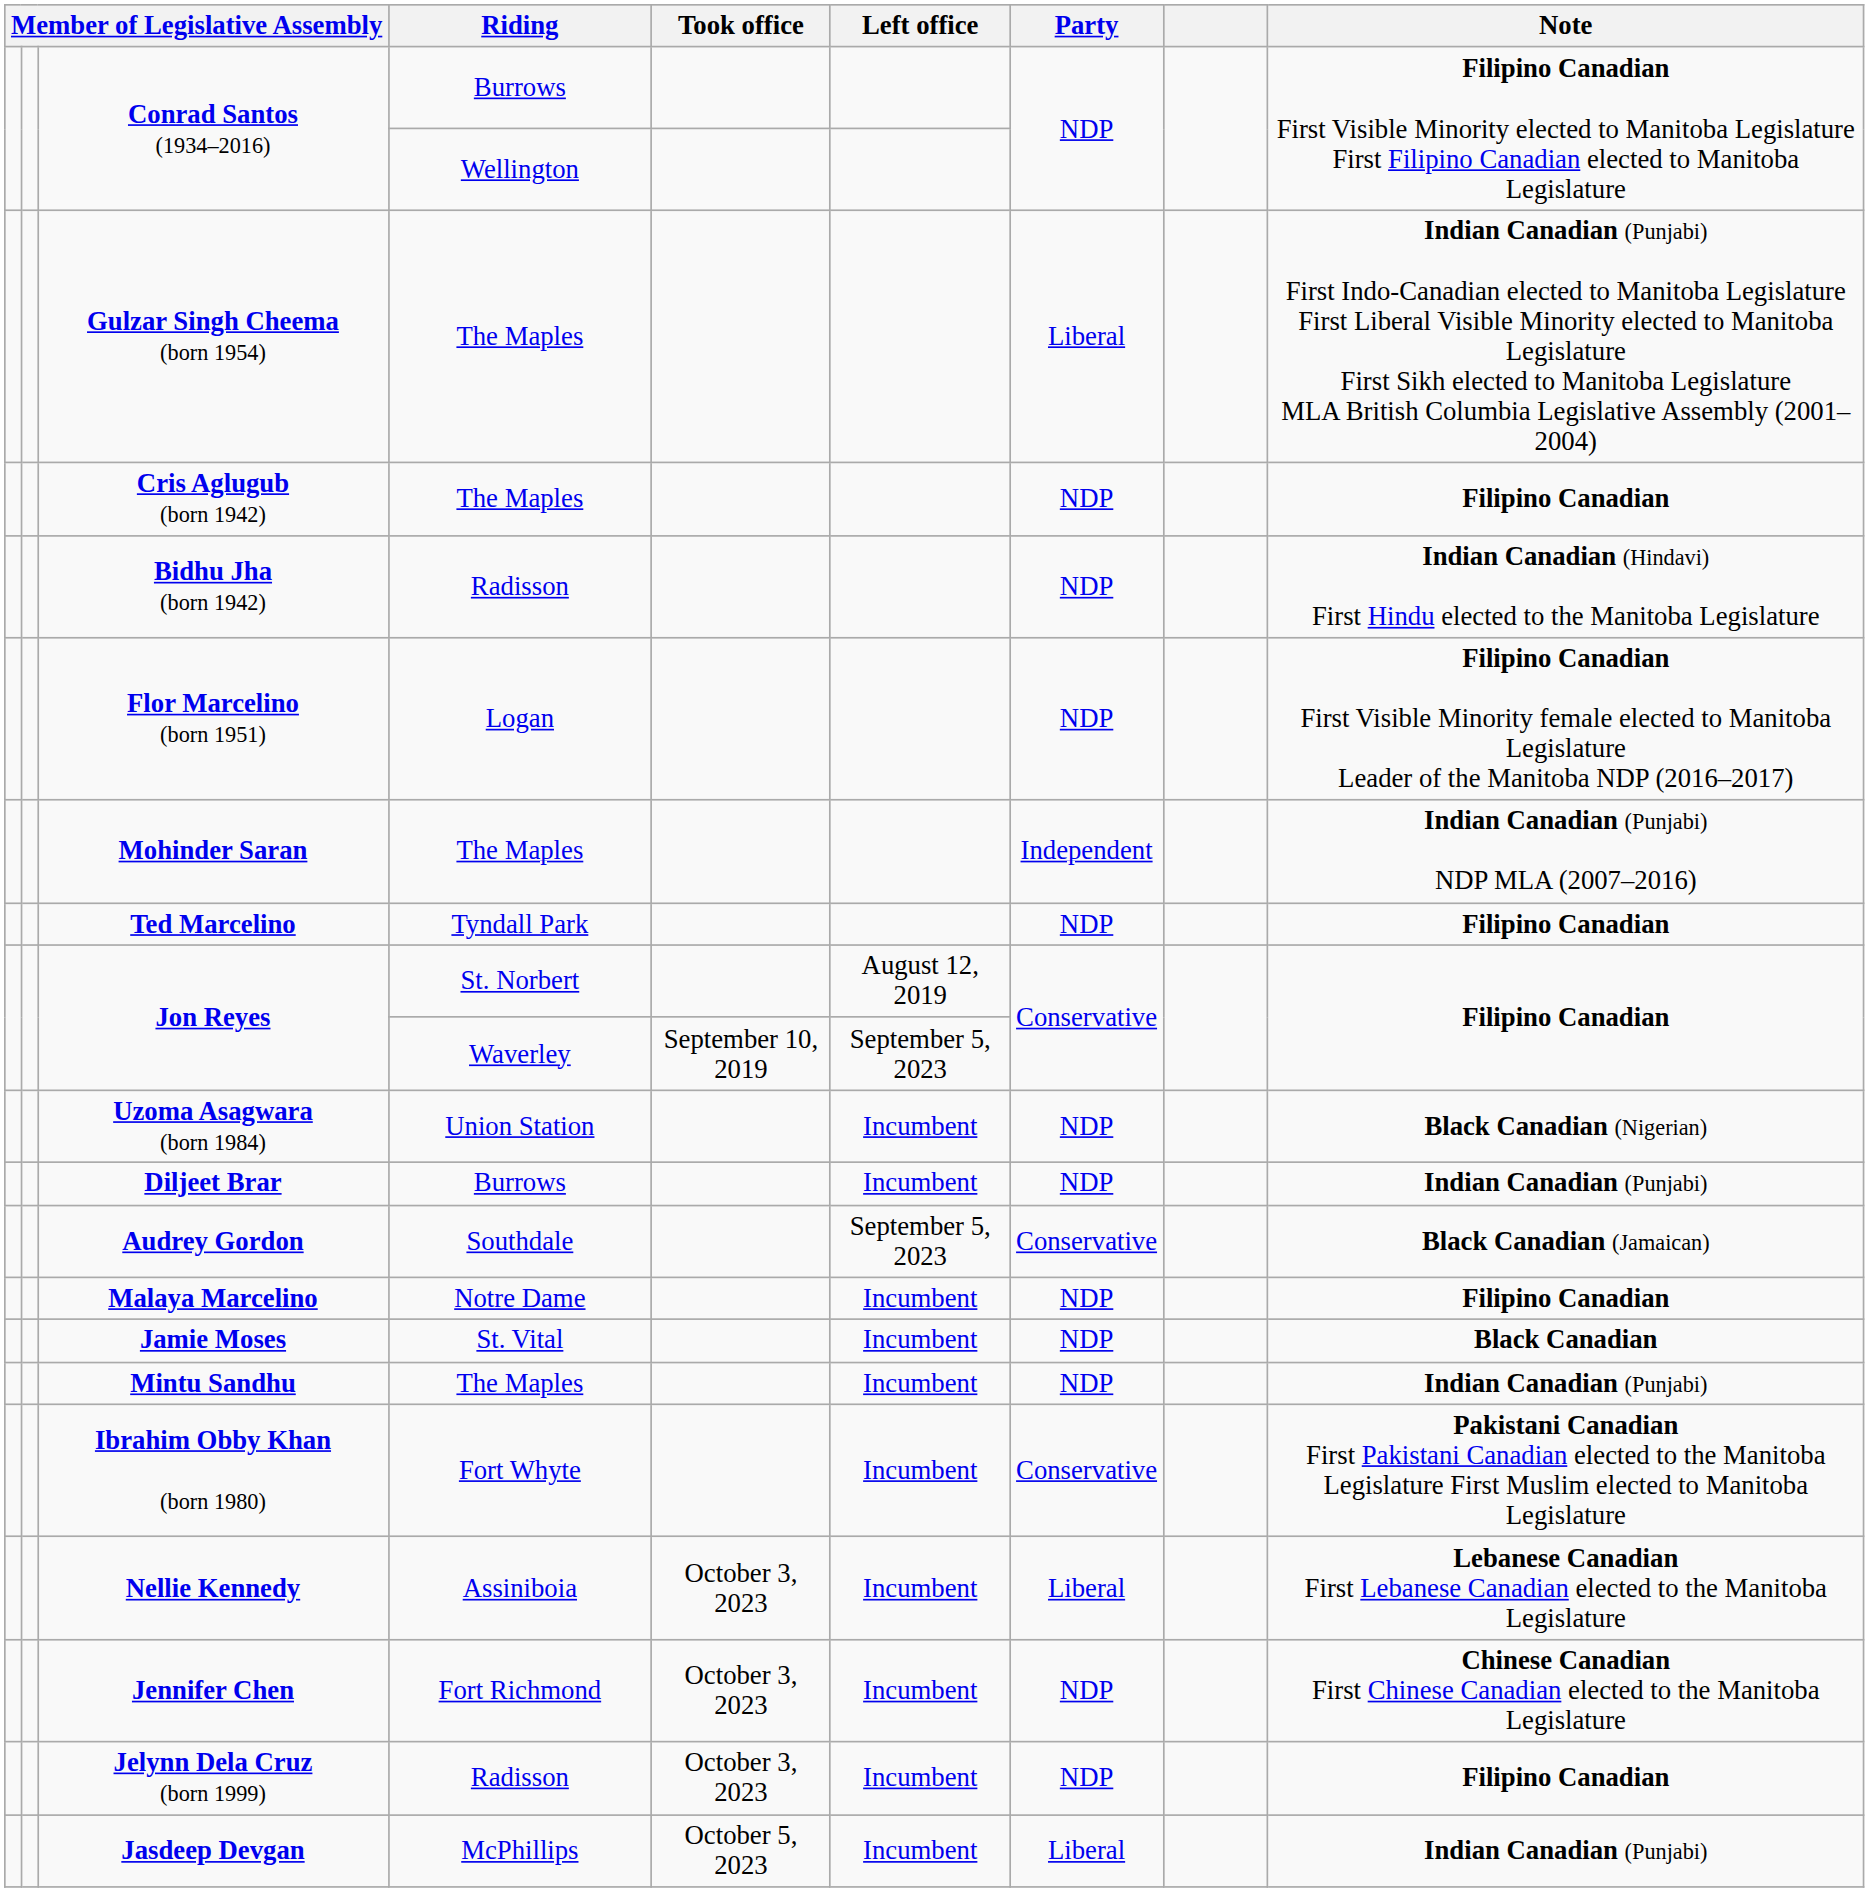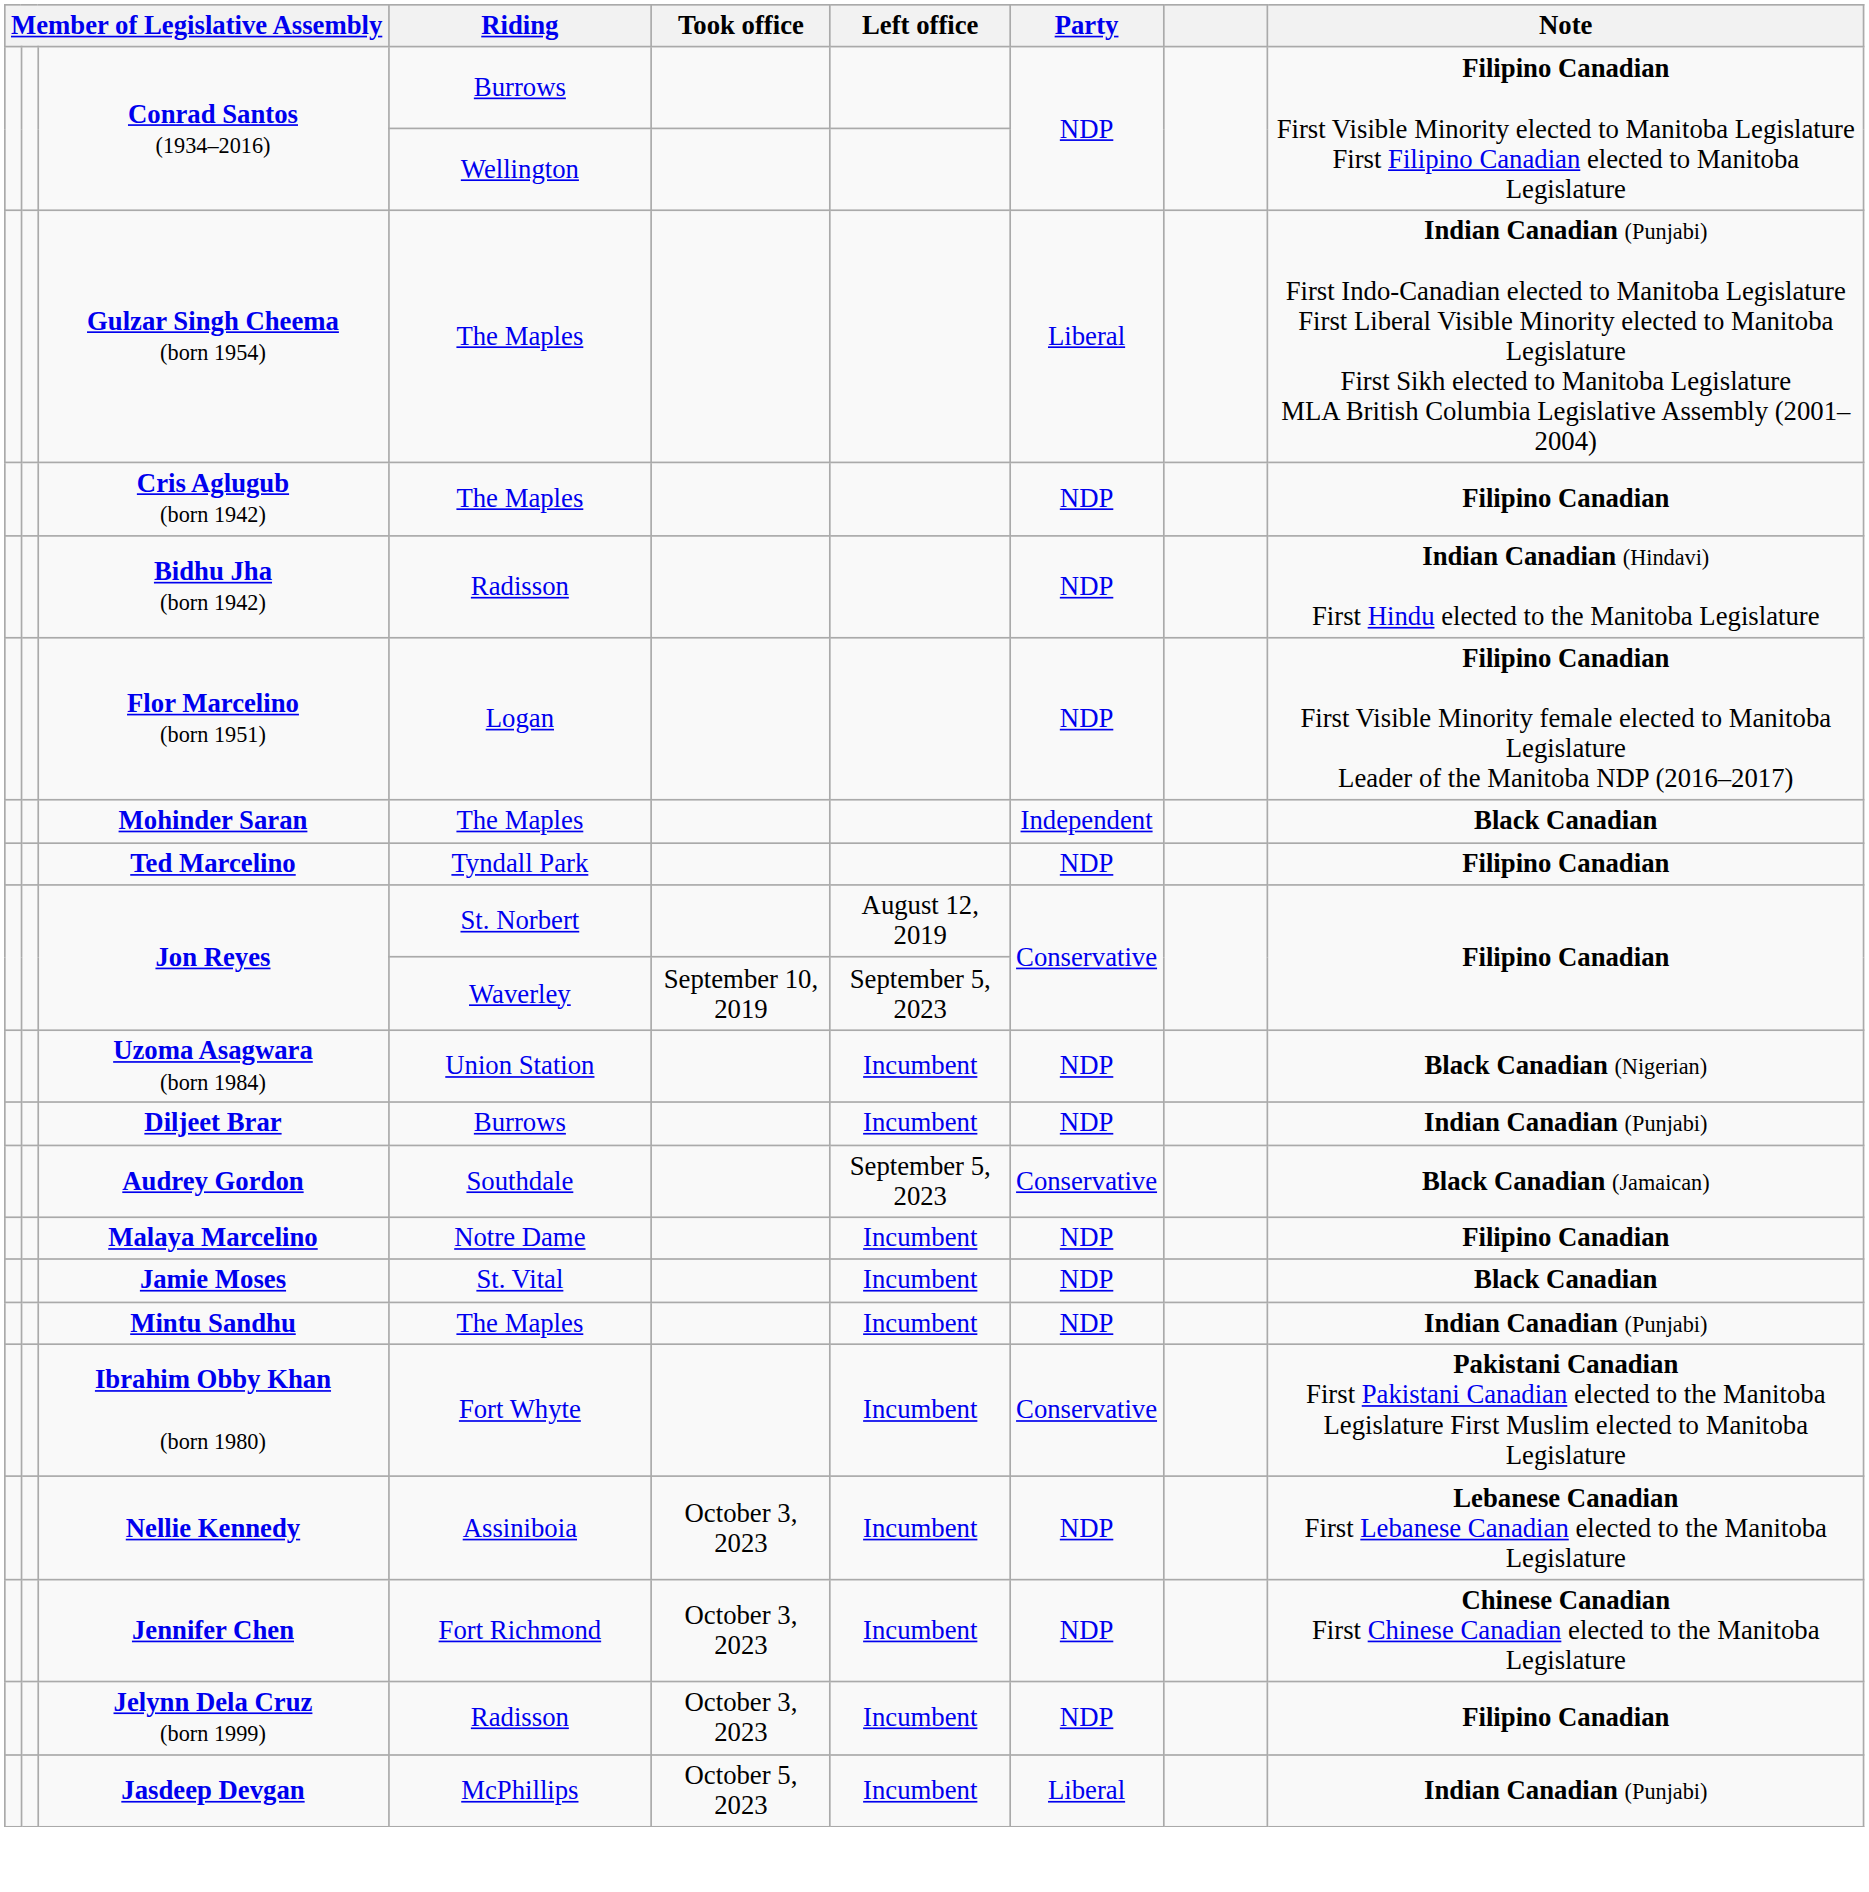 <table class="wikitable sortable plainrowheaders" style="text-align: center;">
 <tr>
 <th colspan="3" class=unsortable><a href='#'>Member of Legislative Assembly</a></th>
 <th scope="col" width=150px><a href='#'>Riding</a></th>
 <th scope="col" width=100px>Took office</th>
 <th scope="col" width=100px>Left office</th>
 <th scope="col" width=70px><a href='#'>Party</a></th>
 <th scope="col" class=unsortable width=55px></th>
 <th scope="col" class=sortable width=350px>Note</th>
 </tr>
 <tr>
 <td rowspan="2" style="background:"></td>
 <td rowspan="2"></td>
 <td rowspan="2"><strong><a href='#'>Conrad Santos</a></strong><br><small>(1934–2016)</small></td>
 <td rowspan="1"><a href='#'>Burrows</a></td>
 <td rowspan="1"></td>
 <td rowspan="1"></td>
 <td rowspan="2"><a href='#'>NDP</a></td>
 <td rowspan="2"></td>
 <td rowspan="2"><strong>Filipino Canadian</strong><br><br>First Visible Minority elected to Manitoba Legislature <br> First <a href='#'>Filipino Canadian</a> elected to Manitoba Legislature</td>
 </tr>
 <tr>
 <td rowspan="1"><a href='#'>Wellington</a></td>
 <td rowspan="1"></td>
 <td rowspan="1"></td>
 </tr>
 <tr>
 <td rowspan="1" style="background:"></td>
 <td rowspan="1"></td>
 <td rowspan="1"><strong><a href='#'>Gulzar Singh Cheema</a></strong><br><small>(born 1954)</small></td>
 <td rowspan="1"><a href='#'>The Maples</a></td>
 <td rowspan="1"></td>
 <td rowspan="1"></td>
 <td rowspan="1"><a href='#'>Liberal</a></td>
 <td rowspan="1"></td>
 <td rowspan="1"><strong>Indian Canadian</strong> <small>(Punjabi)</small><br><br>First Indo-Canadian elected to Manitoba Legislature <br> First Liberal Visible Minority elected to Manitoba Legislature <br> First Sikh elected to Manitoba Legislature <br> MLA British Columbia Legislative Assembly (2001–2004)</td>
 </tr>
 <tr>
 <td rowspan="1" style="background:"></td>
 <td rowspan="1"></td>
 <td rowspan="1"><strong><a href='#'>Cris Aglugub</a></strong><br><small>(born 1942)</small></td>
 <td rowspan="1"><a href='#'>The Maples</a></td>
 <td rowspan="1"></td>
 <td rowspan="1"></td>
 <td rowspan="1"><a href='#'>NDP</a></td>
 <td rowspan="1"></td>
 <td rowspan="1"><strong>Filipino Canadian</strong></td>
 </tr>
 <tr>
 <td rowspan="1" style="background:"></td>
 <td rowspan="1"></td>
 <td rowspan="1"><strong><a href='#'>Bidhu Jha</a></strong><br><small>(born 1942)</small></td>
 <td rowspan="1"><a href='#'>Radisson</a></td>
 <td rowspan="1"></td>
 <td rowspan="1"></td>
 <td rowspan="1"><a href='#'>NDP</a></td>
 <td rowspan="1"></td>
 <td rowspan="1"><strong>Indian Canadian</strong> <small>(Hindavi)</small><br><br>First <a href='#'>Hindu</a> elected to the Manitoba Legislature</td>
 </tr>
 <tr>
 <td rowspan="1" style="background:"></td>
 <td rowspan="1"></td>
 <td rowspan="1"><strong><a href='#'>Flor Marcelino</a></strong><br><small>(born 1951)</small></td>
 <td rowspan="1"><a href='#'>Logan</a></td>
 <td rowspan="1"></td>
 <td rowspan="1"></td>
 <td rowspan="1"><a href='#'>NDP</a></td>
 <td rowspan="1"></td>
 <td rowspan="1"><strong>Filipino Canadian</strong><br><br>First Visible Minority female elected to Manitoba Legislature <br> Leader of the Manitoba NDP (2016–2017)</td>
 </tr>
 <tr>
 <td rowspan="1" style="background:"></td>
 <td rowspan="1"></td>
 <td rowspan="1"><strong><a href='#'>Mohinder Saran</a></strong></td>
 <td rowspan="1"><a href='#'>The Maples</a></td>
 <td rowspan="1"></td>
 <td rowspan="1"></td>
 <td rowspan="1"><a href='#'>Independent</a></td>
 <td rowspan="1"></td>
-<td rowspan="1"><strong>Indian Canadian</strong> <small>(Punjabi)</small><br><br>NDP MLA (2007–2016)</td>
+<td rowspan="1"><strong>Black Canadian</strong></td>
 </tr>
 <tr>
 <td rowspan="1" style="background:"></td>
 <td rowspan="1"></td>
 <td rowspan="1"><strong><a href='#'>Ted Marcelino</a></strong></td>
 <td rowspan="1"><a href='#'>Tyndall Park</a></td>
 <td rowspan="1"></td>
 <td rowspan="1"></td>
 <td rowspan="1"><a href='#'>NDP</a></td>
 <td rowspan="1"></td>
 <td rowspan="1"><strong>Filipino Canadian</strong></td>
 </tr>
 <tr>
 <td rowspan="2" style="background:"></td>
 <td rowspan="2"></td>
 <td rowspan="2"><strong><a href='#'>Jon Reyes</a></strong></td>
 <td rowspan="1"><a href='#'>St. Norbert</a></td>
 <td rowspan="1"></td>
 <td rowspan="1">August 12, 2019</td>
 <td rowspan="2"><a href='#'>Conservative</a></td>
 <td rowspan="2"></td>
 <td rowspan="2"><strong>Filipino Canadian</strong></td>
 </tr>
 <tr>
 <td><a href='#'>Waverley</a></td>
 <td>September 10, 2019</td>
 <td rowspan="1">September 5, 2023</td>
 </tr>
 <tr>
 <td rowspan="1" style="background:"></td>
 <td rowspan="1"></td>
 <td rowspan="1"><strong><a href='#'>Uzoma Asagwara</a></strong><br><small>(born 1984)</small></td>
 <td rowspan="1"><a href='#'>Union Station</a></td>
 <td rowspan="1"></td>
 <td rowspan="1"><a href='#'>Incumbent</a></td>
 <td rowspan="1"><a href='#'>NDP</a></td>
 <td rowspan="1"></td>
 <td rowspan="1"><strong>Black Canadian</strong> <small>(Nigerian)</small></td>
 </tr>
 <tr>
 <td rowspan="1" style="background:"></td>
 <td rowspan="1"></td>
 <td rowspan="1"><strong><a href='#'>Diljeet Brar</a></strong></td>
 <td rowspan="1"><a href='#'>Burrows</a></td>
 <td rowspan="1"></td>
 <td rowspan="1"><a href='#'>Incumbent</a></td>
 <td rowspan="1"><a href='#'>NDP</a></td>
 <td rowspan="1"></td>
 <td rowspan="1"><strong>Indian Canadian</strong> <small>(Punjabi)</small></td>
 </tr>
 <tr>
 <td rowspan="1" style="background:"></td>
 <td rowspan="1"></td>
 <td rowspan="1"><strong><a href='#'>Audrey Gordon</a></strong></td>
 <td rowspan="1"><a href='#'>Southdale</a></td>
 <td rowspan="1"></td>
 <td rowspan="1">September 5, 2023</td>
 <td rowspan="1"><a href='#'>Conservative</a></td>
 <td rowspan="1"></td>
 <td rowspan="1"><strong>Black Canadian</strong> <small>(Jamaican)</small></td>
 </tr>
 <tr>
 <td rowspan="1" style="background:"></td>
 <td rowspan="1"></td>
 <td rowspan="1"><strong><a href='#'>Malaya Marcelino</a></strong></td>
 <td rowspan="1"><a href='#'>Notre Dame</a></td>
 <td rowspan="1"></td>
 <td rowspan="1"><a href='#'>Incumbent</a></td>
 <td rowspan="1"><a href='#'>NDP</a></td>
 <td rowspan="1"></td>
 <td rowspan="1"><strong>Filipino Canadian</strong></td>
 </tr>
 <tr>
 <td rowspan="1" style="background:"></td>
 <td rowspan="1"></td>
 <td rowspan="1"><strong><a href='#'>Jamie Moses</a></strong></td>
 <td rowspan="1"><a href='#'>St. Vital</a></td>
 <td rowspan="1"></td>
 <td rowspan="1"><a href='#'>Incumbent</a></td>
 <td rowspan="1"><a href='#'>NDP</a></td>
 <td rowspan="1"></td>
 <td rowspan="1"><strong>Black Canadian</strong></td>
 </tr>
 <tr>
 <td rowspan="1" style="background:"></td>
 <td rowspan="1"></td>
 <td rowspan="1"><strong><a href='#'>Mintu Sandhu</a></strong></td>
 <td rowspan="1"><a href='#'>The Maples</a></td>
 <td rowspan="1"></td>
 <td rowspan="1"><a href='#'>Incumbent</a></td>
 <td rowspan="1"><a href='#'>NDP</a></td>
 <td rowspan="1"></td>
 <td rowspan="1"><strong>Indian Canadian</strong> <small>(Punjabi)</small></td>
 </tr>
 <tr>
 <td rowspan="1" style="background:"></td>
 <td rowspan="1"></td>
 <td rowspan="1"><strong><a href='#'>Ibrahim Obby Khan</a></strong><br><small></small><br><small>(born 1980)</small></td>
 <td rowspan="1"><a href='#'>Fort Whyte</a></td>
 <td rowspan="1"></td>
 <td rowspan="1"><a href='#'>Incumbent</a></td>
 <td rowspan="1"><a href='#'>Conservative</a></td>
 <td rowspan="1"></td>
 <td rowspan="1"><strong>Pakistani Canadian</strong><br>First <a href='#'>Pakistani Canadian</a> elected to the Manitoba Legislature First Muslim elected to Manitoba Legislature</td>
 </tr>
 <tr>
 <td rowspan="1" style="background:"></td>
 <td rowspan="1"></td>
 <td><strong><a href='#'>Nellie Kennedy</a></strong></td>
 <td><a href='#'>Assiniboia</a></td>
 <td>October 3, 2023</td>
 <td rowspan="1"><a href='#'>Incumbent</a></td>
-<td rowspan="1"><a href='#'>Liberal</a></td>
+<td rowspan="1"><a href='#'>NDP</a></td>
 <td></td>
 <td><strong>Lebanese Canadian</strong><br>First <a href='#'>Lebanese Canadian</a> elected to the Manitoba Legislature</td>
 </tr>
 <tr>
 <td rowspan="1" style="background:"></td>
 <td rowspan="1"></td>
 <td><strong><a href='#'>Jennifer Chen</a></strong></td>
 <td><a href='#'>Fort Richmond</a></td>
 <td>October 3, 2023</td>
 <td rowspan="1"><a href='#'>Incumbent</a></td>
 <td rowspan="1"><a href='#'>NDP</a></td>
 <td></td>
 <td><strong>Chinese Canadian</strong><br>First <a href='#'>Chinese Canadian</a> elected to the Manitoba Legislature</td>
 </tr>
 <tr>
 <td rowspan="1" style="background:"></td>
 <td rowspan="1"></td>
 <td><strong><a href='#'>Jelynn Dela Cruz</a></strong><br><small>(born 1999)</small></td>
 <td><a href='#'>Radisson</a></td>
 <td>October 3, 2023</td>
 <td rowspan="1"><a href='#'>Incumbent</a></td>
 <td rowspan="1"><a href='#'>NDP</a></td>
 <td></td>
 <td><strong>Filipino Canadian</strong></td>
 </tr>
 <tr>
 <td rowspan="1" style="background:"></td>
 <td rowspan="1"></td>
 <td><strong><a href='#'>Jasdeep Devgan</a></strong></td>
 <td><a href='#'>McPhillips</a></td>
 <td>October 5, 2023</td>
 <td rowspan="1"><a href='#'>Incumbent</a></td>
 <td rowspan="1"><a href='#'>Liberal</a></td>
 <td></td>
 <td rowspan="1"><strong>Indian Canadian</strong> <small>(Punjabi)</small></td>
 </tr>
 </table>
